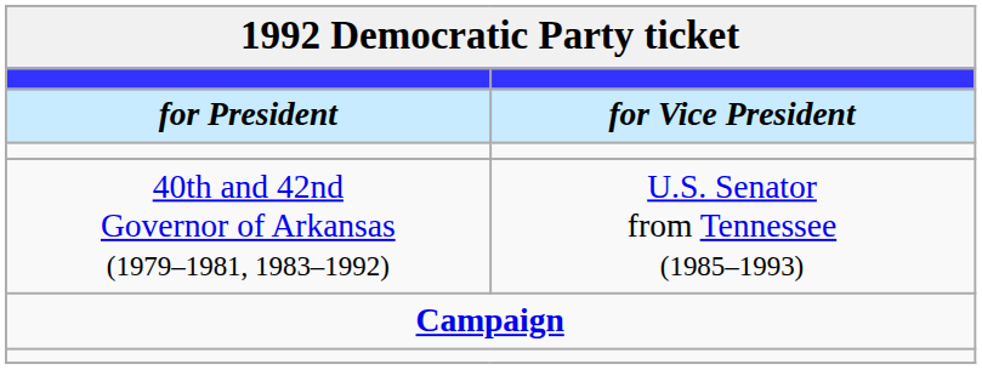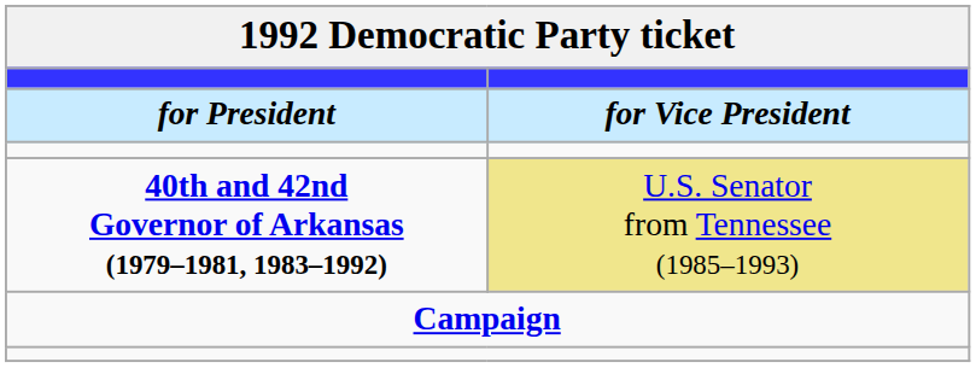 <table class="wikitable" style="font-size:90%; text-align:center;">
 <tr>
 <td style="background:#f1f1f1;" colspan="30"><big><strong>1992 Democratic Party ticket</strong></big></td>
 </tr>
 <tr>
 <th style="width:3em; font-size:135%; background:#3333FF; width:200px;"><a href='#'></a></th>
 <th style="width:3em; font-size:135%; background:#3333FF; width:200px;"><a href='#'></a></th>
 </tr>
 <tr style="color:#000; font-size:100%; background:#c8ebff;">
 <td style="width:3em; width:200px;"><strong><em>for President</em></strong></td>
 <td style="width:3em; width:200px;"><strong><em>for Vice President</em></strong></td>
 </tr>
 <tr>
 <td></td>
 <td></td>
 </tr>
 <tr>
-<td><a href='#'>40th and 42nd</a><br><a href='#'>Governor of Arkansas</a><br><small>(1979–1981, 1983–1992)</small></td>
-<td><a href='#'>U.S. Senator</a><br>from <a href='#'>Tennessee</a><br><small>(1985–1993)</small></td>
+<td><strong><a href='#'>40th and 42nd</a><br><a href='#'>Governor of Arkansas</a><br><small>(1979–1981, 1983–1992)</small></strong></td>
+<td style="background: khaki;"><a href='#'>U.S. Senator</a><br>from <a href='#'>Tennessee</a><br><small>(1985–1993)</small></td>
 </tr>
 <tr>
 <td colspan=2><a href='#'><strong>Campaign</strong></a></td>
 </tr>
 <tr>
 <td colspan=2></td>
 </tr>
 </table>
